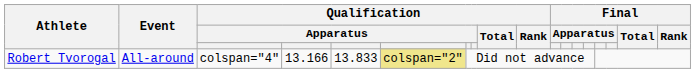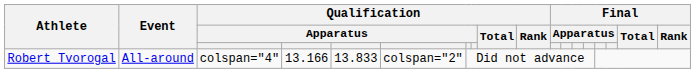 <table class="wikitable" style="font-size:90%">
 <tr>
 <th rowspan="3">Athlete</th>
 <th rowspan="3">Event</th>
 <th colspan="8">Qualification</th>
 <th colspan="8">Final</th>
 </tr>
 <tr style="font-size:95%">
 <th colspan="6">Apparatus</th>
 <th rowspan="2">Total</th>
 <th rowspan="2">Rank</th>
 <th colspan="6">Apparatus</th>
 <th rowspan="2">Total</th>
 <th rowspan="2">Rank</th>
 </tr>
 <tr style="font-size:95%">
 <th></th>
 <th></th>
 <th></th>
 <th></th>
 <th></th>
 <th></th>
 <th></th>
 <th></th>
 <th></th>
 <th></th>
 <th></th>
 <th></th>
 </tr>
 <tr align=center>
 <td align=left><a href='#'>Robert Tvorogal</a></td>
 <td align=left><a href='#'>All-around</a></td>
 <td>colspan="4" </td>
 <td>13.166</td>
 <td>13.833</td>
-<td style="background: khaki;">colspan="2" </td>
+<td>colspan="2" </td>
 <td colspan="8">Did not advance</td>
 </tr>
 </table>
